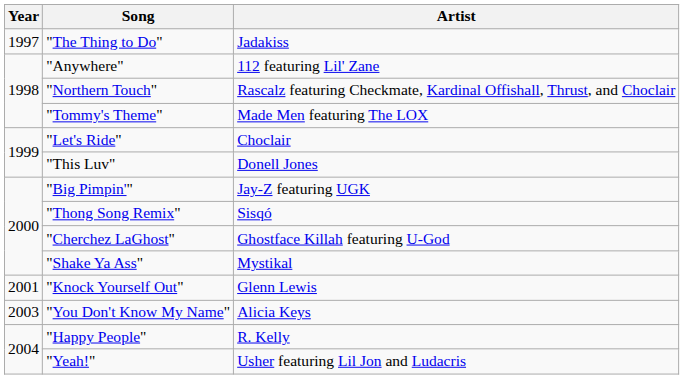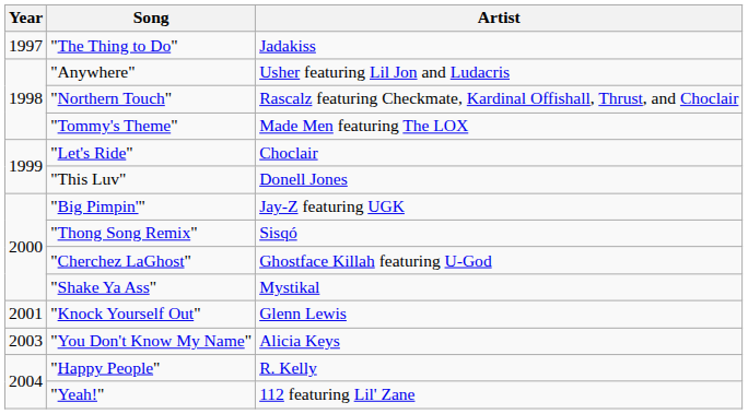 <table class="wikitable sortable">
 <tr>
 <th>Year</th>
 <th>Song</th>
 <th>Artist</th>
 </tr>
 <tr>
 <td>1997</td>
 <td data-sort-value="Thing to Do, The">"<a href='#'>The Thing to Do</a>"</td>
 <td><a href='#'>Jadakiss</a></td>
 </tr>
 <tr>
 <td rowspan=3>1998</td>
 <td>"Anywhere"</td>
-<td><a href='#'>112</a> featuring <a href='#'>Lil' Zane</a></td>
+<td><a href='#'>Usher</a> featuring <a href='#'>Lil Jon</a> and <a href='#'>Ludacris</a></td>
 </tr>
 <tr>
 <td>"<a href='#'>Northern Touch</a>"</td>
 <td><a href='#'>Rascalz</a> featuring Checkmate, <a href='#'>Kardinal Offishall</a>, <a href='#'>Thrust</a>, and <a href='#'>Choclair</a></td>
 </tr>
 <tr>
 <td>"<a href='#'>Tommy's Theme</a>"</td>
 <td><a href='#'>Made Men</a> featuring <a href='#'>The LOX</a></td>
 </tr>
 <tr>
 <td rowspan=2>1999</td>
 <td>"<a href='#'>Let's Ride</a>"</td>
 <td><a href='#'>Choclair</a></td>
 </tr>
 <tr>
 <td>"This Luv"</td>
 <td><a href='#'>Donell Jones</a></td>
 </tr>
 <tr>
 <td rowspan=4>2000</td>
 <td>"<a href='#'>Big Pimpin'</a>"</td>
 <td><a href='#'>Jay-Z</a> featuring <a href='#'>UGK</a></td>
 </tr>
 <tr>
 <td>"<a href='#'>Thong Song Remix</a>"</td>
 <td><a href='#'>Sisqó</a></td>
 </tr>
 <tr>
 <td>"<a href='#'>Cherchez LaGhost</a>"</td>
 <td><a href='#'>Ghostface Killah</a> featuring <a href='#'>U-God</a></td>
 </tr>
 <tr>
 <td>"<a href='#'>Shake Ya Ass</a>"</td>
 <td><a href='#'>Mystikal</a></td>
 </tr>
 <tr>
 <td>2001</td>
 <td>"<a href='#'>Knock Yourself Out</a>"</td>
 <td><a href='#'>Glenn Lewis</a></td>
 </tr>
 <tr>
 <td>2003</td>
 <td>"<a href='#'>You Don't Know My Name</a>"</td>
 <td><a href='#'>Alicia Keys</a></td>
 </tr>
 <tr>
 <td rowspan=2>2004</td>
 <td>"<a href='#'>Happy People</a>"</td>
 <td><a href='#'>R. Kelly</a></td>
 </tr>
 <tr>
 <td>"<a href='#'>Yeah!</a>"</td>
-<td><a href='#'>Usher</a> featuring <a href='#'>Lil Jon</a> and <a href='#'>Ludacris</a></td>
+<td><a href='#'>112</a> featuring <a href='#'>Lil' Zane</a></td>
 </tr>
 </table>
